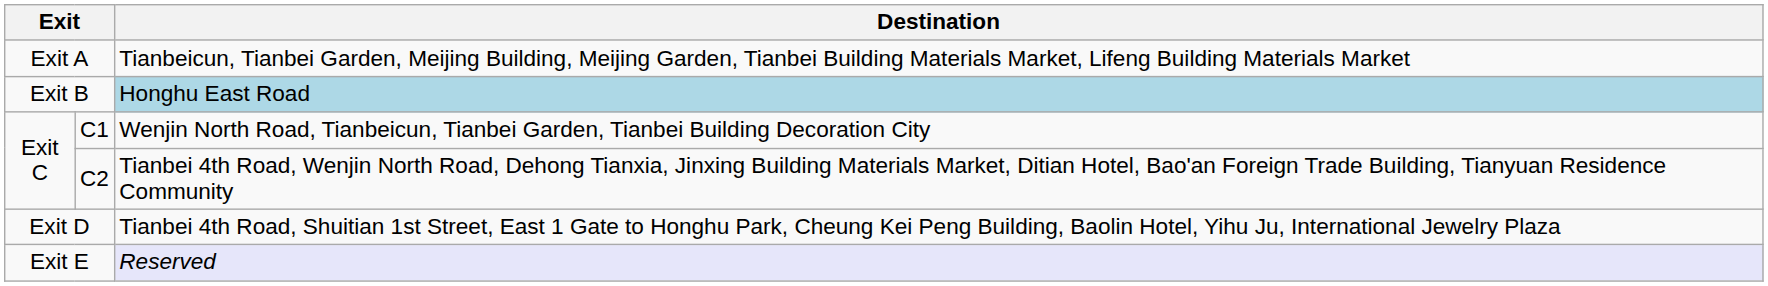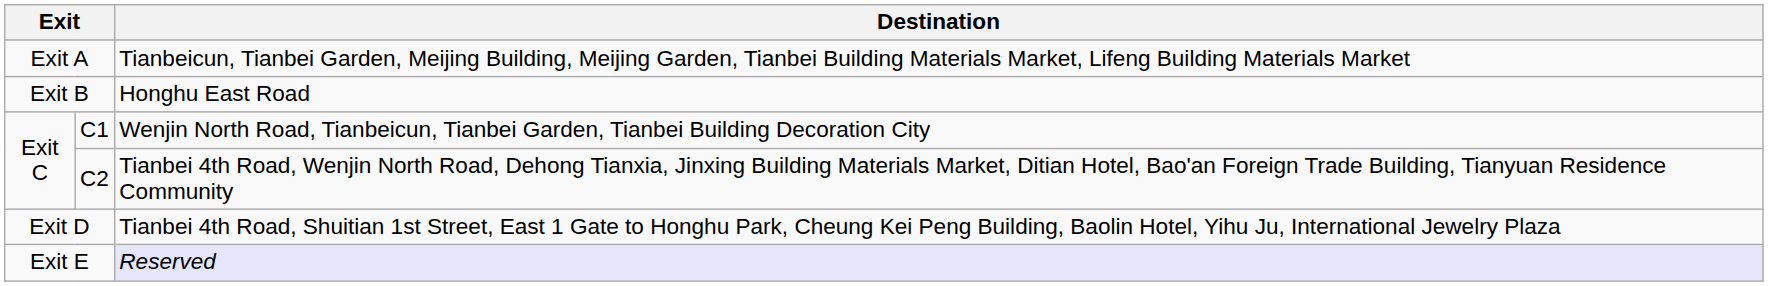 <table class="wikitable">
 <tr>
 <th style="width:70px" colspan="2">Exit</th>
 <th>Destination</th>
 </tr>
 <tr>
 <td colspan="2" align="center">Exit A</td>
 <td>Tianbeicun, Tianbei Garden, Meijing Building, Meijing Garden, Tianbei Building Materials Market, Lifeng Building Materials Market</td>
 </tr>
 <tr>
 <td colspan="2" align="center">Exit B</td>
-<td style="background: lightblue;">Honghu East Road</td>
+<td>Honghu East Road</td>
 </tr>
 <tr>
 <td rowspan="2" align="center">Exit C</td>
 <td>C1</td>
 <td>Wenjin North Road, Tianbeicun, Tianbei Garden, Tianbei Building Decoration City</td>
 </tr>
 <tr>
 <td>C2</td>
 <td>Tianbei 4th Road, Wenjin North Road, Dehong Tianxia, Jinxing Building Materials Market, Ditian Hotel, Bao'an Foreign Trade Building, Tianyuan Residence Community</td>
 </tr>
 <tr>
 <td colspan="2" align="center">Exit D</td>
 <td>Tianbei 4th Road, Shuitian 1st Street, East 1 Gate to Honghu Park, Cheung Kei Peng Building, Baolin Hotel, Yihu Ju, International Jewelry Plaza</td>
 </tr>
 <tr>
 <td colspan="2" align="center">Exit E</td>
 <td style="background: lavender;"><em>Reserved</em></td>
 </tr>
 </table>
